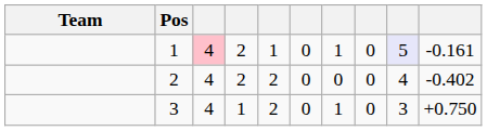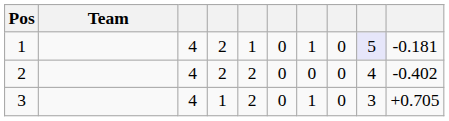 <table class="wikitable" style="text-align:center">
 <tr>
+<th>Pos</th>
 <th width="120">Team</th>
-<th>Pos</th>
 <th width="20"></th>
 <th width="20"></th>
 <th width="20"></th>
 <th width="20"></th>
 <th width="20"></th>
 <th width="20"></th>
 <th width="20"></th>
 <th><a href='#'></a></th>
 </tr>
 <tr>
+<td>1</td>
 <td align="left"></td>
-<td>1</td>
-<td style="background: pink;">4</td>
+<td>4</td>
 <td>2</td>
 <td>1</td>
 <td>0</td>
 <td>1</td>
 <td>0</td>
 <td style="background: lavender;">5</td>
-<td>-0.161</td>
+<td>-0.181</td>
 </tr>
 <tr>
+<td>2</td>
 <td align="left"></td>
-<td>2</td>
 <td>4</td>
 <td>2</td>
 <td>2</td>
 <td>0</td>
 <td>0</td>
 <td>0</td>
 <td>4</td>
 <td>-0.402</td>
 </tr>
 <tr>
+<td>3</td>
 <td align="left"></td>
-<td>3</td>
 <td>4</td>
 <td>1</td>
 <td>2</td>
 <td>0</td>
 <td>1</td>
 <td>0</td>
 <td>3</td>
-<td>+0.750</td>
+<td>+0.705</td>
 </tr>
 </table>
